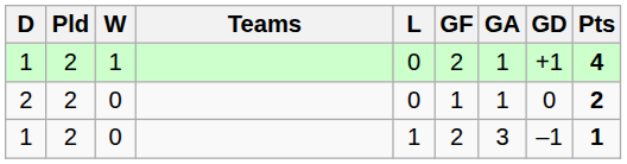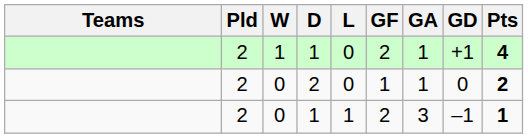 <table class="wikitable" style="text-align: center;">
 <tr>
-<th width=20>D</th>
+<th width=165>Teams</th>
 <th width=20>Pld</th>
 <th width=20>W</th>
-<th width=165>Teams</th>
+<th width=20>D</th>
 <th width=20>L</th>
 <th width=20>GF</th>
 <th width=20>GA</th>
 <th width=20>GD</th>
 <th width=20>Pts</th>
 </tr>
 <tr align=center style="background:#ccffcc;">
-<td>1</td>
+<td style="text-align:left;"></td>
 <td>2</td>
 <td>1</td>
-<td style="text-align:left;"></td>
+<td>1</td>
 <td>0</td>
 <td>2</td>
 <td>1</td>
 <td>+1</td>
 <td><strong>4</strong></td>
 </tr>
 <tr align=center>
-<td>2</td>
+<td style="text-align:left;"></td>
 <td>2</td>
 <td>0</td>
-<td style="text-align:left;"></td>
+<td>2</td>
 <td>0</td>
 <td>1</td>
 <td>1</td>
 <td>0</td>
 <td><strong>2</strong></td>
 </tr>
 <tr align=center>
-<td>1</td>
+<td style="text-align:left;"></td>
 <td>2</td>
 <td>0</td>
-<td style="text-align:left;"></td>
+<td>1</td>
 <td>1</td>
 <td>2</td>
 <td>3</td>
 <td>–1</td>
 <td><strong>1</strong></td>
 </tr>
 </table>
